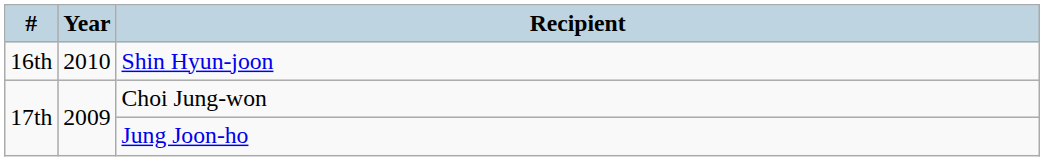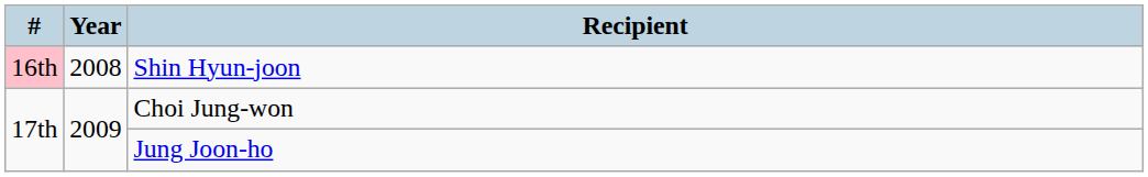 <table class="wikitable" style="width:700px">
 <tr>
 <th style="background:#BED5E1; width:10px">#</th>
 <th style="background:#BED5E1; width:10px">Year</th>
 <th style="background:#BED5E1;">Recipient</th>
 </tr>
 <tr>
-<td>16th</td>
-<td>2010</td>
+<td style="background: pink;">16th</td>
+<td>2008</td>
 <td><a href='#'>Shin Hyun-joon</a></td>
 </tr>
 <tr>
 <td rowspan=2>17th</td>
 <td rowspan=2>2009</td>
 <td>Choi Jung-won</td>
 </tr>
 <tr>
 <td><a href='#'>Jung Joon-ho</a></td>
 </tr>
 </table>
